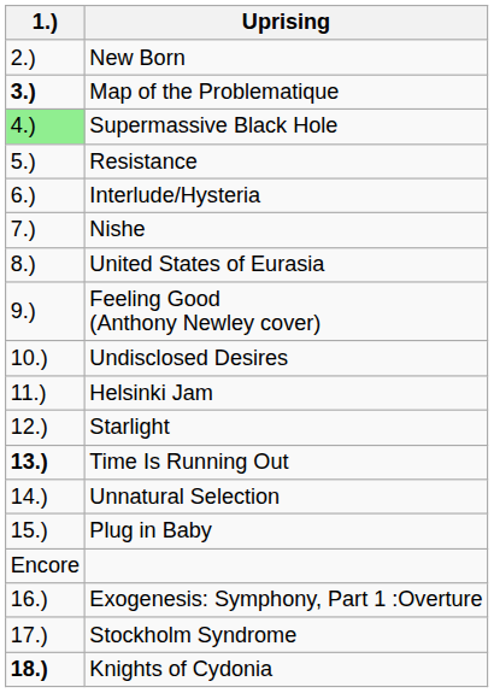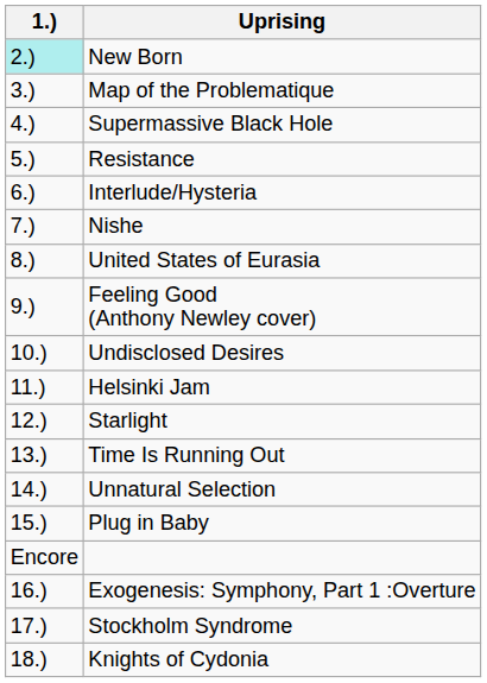 <table class="wikitable">
 <tr>
 <th>1.)</th>
 <th>Uprising</th>
 </tr>
 <tr>
-<td>2.)</td>
+<td style="background: paleturquoise;">2.)</td>
 <td>New Born</td>
 </tr>
 <tr>
-<td><strong>3.)</strong></td>
+<td>3.)</td>
 <td>Map of the Problematique</td>
 </tr>
 <tr>
-<td style="background: lightgreen;">4.)</td>
+<td>4.)</td>
 <td>Supermassive Black Hole</td>
 </tr>
 <tr>
 <td>5.)</td>
 <td>Resistance</td>
 </tr>
 <tr>
 <td>6.)</td>
 <td>Interlude/Hysteria</td>
 </tr>
 <tr>
 <td>7.)</td>
 <td>Nishe</td>
 </tr>
 <tr>
 <td>8.)</td>
 <td>United States of Eurasia</td>
 </tr>
 <tr>
 <td>9.)</td>
 <td>Feeling Good<br>(Anthony Newley cover)</td>
 </tr>
 <tr>
 <td>10.)</td>
 <td>Undisclosed Desires</td>
 </tr>
 <tr>
 <td>11.)</td>
 <td>Helsinki Jam</td>
 </tr>
 <tr>
 <td>12.)</td>
 <td>Starlight</td>
 </tr>
 <tr>
-<td><strong>13.)</strong></td>
+<td>13.)</td>
 <td>Time Is Running Out</td>
 </tr>
 <tr>
 <td>14.)</td>
 <td>Unnatural Selection</td>
 </tr>
 <tr>
 <td>15.)</td>
 <td>Plug in Baby</td>
 </tr>
 <tr>
 <td>Encore</td>
 <td></td>
 </tr>
 <tr>
 <td>16.)</td>
 <td>Exogenesis: Symphony, Part 1 :Overture</td>
 </tr>
 <tr>
 <td>17.)</td>
 <td>Stockholm Syndrome</td>
 </tr>
 <tr>
-<td><strong>18.)</strong></td>
+<td>18.)</td>
 <td>Knights of Cydonia</td>
 </tr>
 </table>
